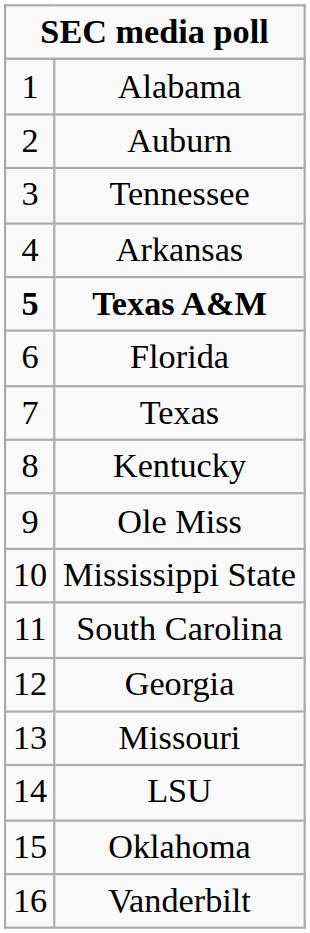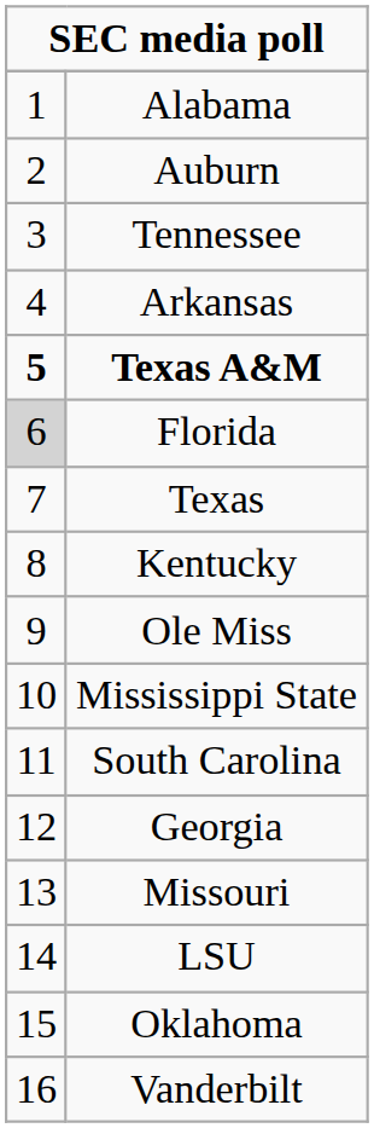 <table class="wikitable" style="display: inline-table;">
 <tr>
 <td align="center" Colspan="3"><strong>SEC media poll</strong></td>
 </tr>
 <tr align="center">
 </tr>
 <tr align="center">
 <td>1</td>
 <td>Alabama</td>
 </tr>
 <tr align="center">
 <td>2</td>
 <td>Auburn</td>
 </tr>
 <tr align="center">
 <td>3</td>
 <td>Tennessee</td>
 </tr>
 <tr align="center">
 <td>4</td>
 <td>Arkansas</td>
 </tr>
 <tr align="center">
 <td><strong>5</strong></td>
 <td><strong>Texas A&M</strong></td>
 </tr>
 <tr align="center">
-<td>6</td>
+<td style="background: lightgrey;">6</td>
 <td>Florida</td>
 </tr>
 <tr align="center">
 <td>7</td>
 <td>Texas</td>
 </tr>
 <tr align="center">
 <td>8</td>
 <td>Kentucky</td>
 </tr>
 <tr align="center">
 <td>9</td>
 <td>Ole Miss</td>
 </tr>
 <tr align="center">
 <td>10</td>
 <td>Mississippi State</td>
 </tr>
 <tr align="center">
 <td>11</td>
 <td>South Carolina</td>
 </tr>
 <tr align="center">
 <td>12</td>
 <td>Georgia</td>
 </tr>
 <tr align="center">
 <td>13</td>
 <td>Missouri</td>
 </tr>
 <tr align="center">
 <td>14</td>
 <td>LSU</td>
 </tr>
 <tr align="center">
 <td>15</td>
 <td>Oklahoma</td>
 </tr>
 <tr align="center">
 <td>16</td>
 <td>Vanderbilt</td>
 </tr>
 </table>
